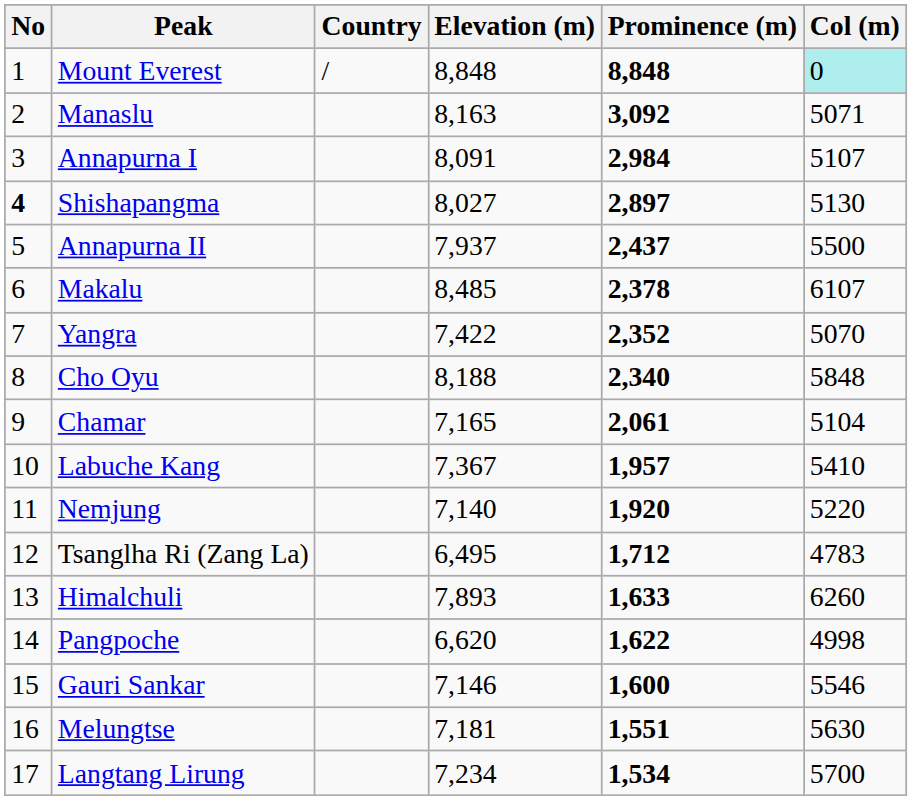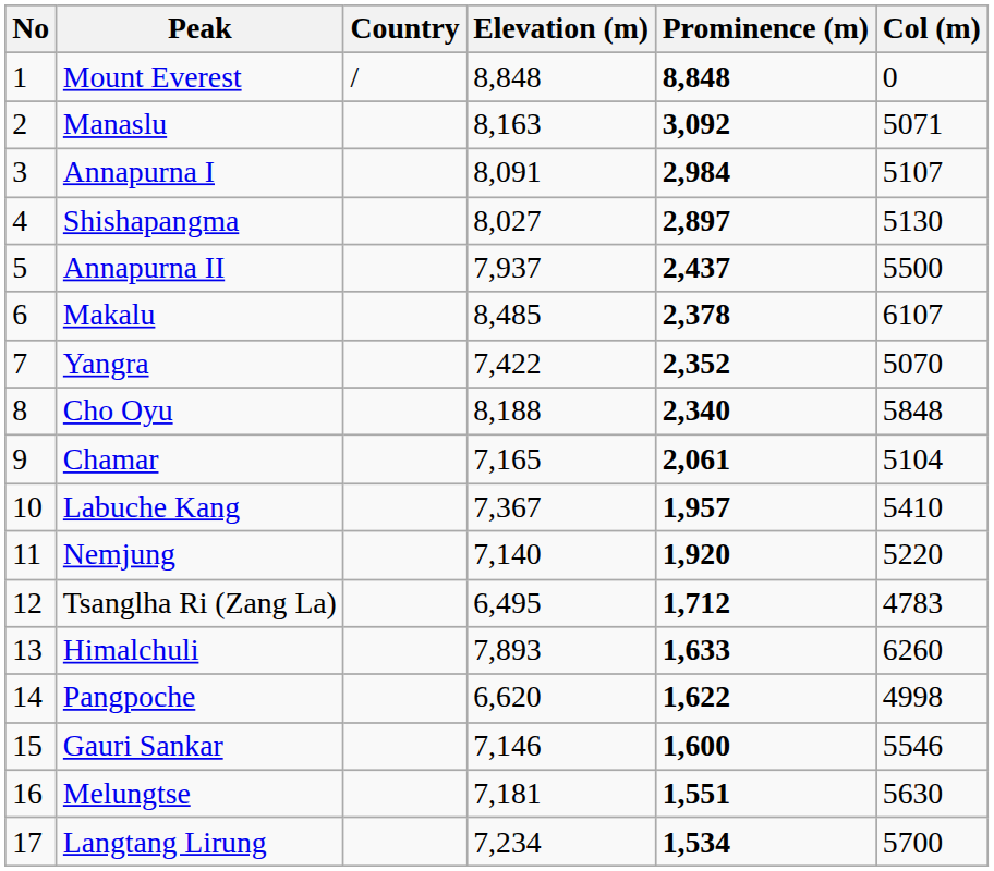 <table class="wikitable sortable">
 <tr>
 <th>No</th>
 <th>Peak</th>
 <th>Country</th>
 <th>Elevation (m)</th>
 <th>Prominence (m)</th>
 <th>Col (m)</th>
 </tr>
 <tr>
 <td>1</td>
 <td><a href='#'>Mount Everest</a></td>
 <td> / </td>
 <td>8,848</td>
 <td><strong>8,848</strong></td>
-<td style="background: paleturquoise;">0</td>
+<td>0</td>
 </tr>
 <tr>
 <td>2</td>
 <td><a href='#'>Manaslu</a></td>
 <td></td>
 <td>8,163</td>
 <td><strong>3,092</strong></td>
 <td>5071</td>
 </tr>
 <tr>
 <td>3</td>
 <td><a href='#'>Annapurna I</a></td>
 <td></td>
 <td>8,091</td>
 <td><strong>2,984</strong></td>
 <td>5107</td>
 </tr>
 <tr>
-<td><strong>4</strong></td>
+<td>4</td>
 <td><a href='#'>Shishapangma</a></td>
 <td></td>
 <td>8,027</td>
 <td><strong>2,897</strong></td>
 <td>5130</td>
 </tr>
 <tr>
 <td>5</td>
 <td><a href='#'>Annapurna II</a></td>
 <td></td>
 <td>7,937</td>
 <td><strong>2,437</strong></td>
 <td>5500</td>
 </tr>
 <tr>
 <td>6</td>
 <td><a href='#'>Makalu</a></td>
 <td></td>
 <td>8,485</td>
 <td><strong>2,378</strong></td>
 <td>6107</td>
 </tr>
 <tr>
 <td>7</td>
 <td><a href='#'>Yangra</a></td>
 <td></td>
 <td>7,422</td>
 <td><strong>2,352</strong></td>
 <td>5070</td>
 </tr>
 <tr>
 <td>8</td>
 <td><a href='#'>Cho Oyu</a></td>
 <td></td>
 <td>8,188</td>
 <td><strong>2,340</strong></td>
 <td>5848</td>
 </tr>
 <tr>
 <td>9</td>
 <td><a href='#'>Chamar</a></td>
 <td></td>
 <td>7,165</td>
 <td><strong>2,061</strong></td>
 <td>5104</td>
 </tr>
 <tr>
 <td>10</td>
 <td><a href='#'>Labuche Kang</a></td>
 <td></td>
 <td>7,367</td>
 <td><strong>1,957</strong></td>
 <td>5410</td>
 </tr>
 <tr>
 <td>11</td>
 <td><a href='#'>Nemjung</a></td>
 <td></td>
 <td>7,140</td>
 <td><strong>1,920</strong></td>
 <td>5220</td>
 </tr>
 <tr>
 <td>12</td>
 <td>Tsanglha Ri (Zang La)</td>
 <td></td>
 <td>6,495</td>
 <td><strong>1,712</strong></td>
 <td>4783</td>
 </tr>
 <tr>
 <td>13</td>
 <td><a href='#'>Himalchuli</a></td>
 <td></td>
 <td>7,893</td>
 <td><strong>1,633</strong></td>
 <td>6260</td>
 </tr>
 <tr>
 <td>14</td>
 <td><a href='#'>Pangpoche</a></td>
 <td></td>
 <td>6,620</td>
 <td><strong>1,622</strong></td>
 <td>4998</td>
 </tr>
 <tr>
 <td>15</td>
 <td><a href='#'>Gauri Sankar</a></td>
 <td></td>
 <td>7,146</td>
 <td><strong>1,600</strong></td>
 <td>5546</td>
 </tr>
 <tr>
 <td>16</td>
 <td><a href='#'>Melungtse</a></td>
 <td></td>
 <td>7,181</td>
 <td><strong>1,551</strong></td>
 <td>5630</td>
 </tr>
 <tr>
 <td>17</td>
 <td><a href='#'>Langtang Lirung</a></td>
 <td></td>
 <td>7,234</td>
 <td><strong>1,534</strong></td>
 <td>5700</td>
 </tr>
 <tr>
 </tr>
 </table>
